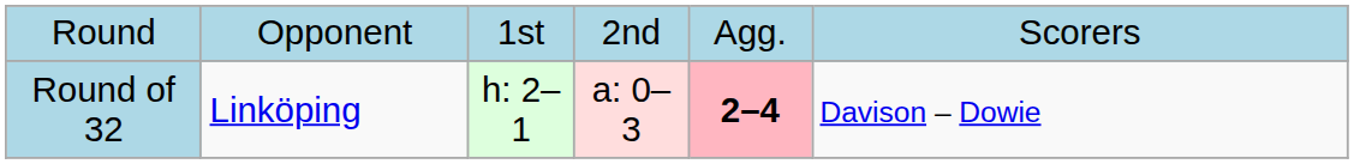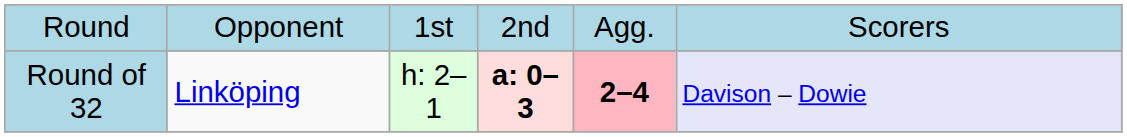 <table class="wikitable" style="text-align:center">
 <tr bgcolor=lightblue>
 <td width=150px>Round</td>
 <td width=200px>Opponent</td>
 <td width=80px>1st</td>
 <td width=80px>2nd</td>
 <td width=80px>Agg.</td>
 <td width=600px>Scorers</td>
 </tr>
 <tr>
 <td bgcolor=lightblue>Round of 32</td>
 <td align=left> <a href='#'>Linköping</a></td>
 <td bgcolor="#ddffdd">h: 2–1</td>
-<td bgcolor="#ffdddd">a: 0–3</td>
+<td bgcolor="#ffdddd"><strong>a: 0–3</strong></td>
 <td bgcolor=lightpink><strong>2–4</strong></td>
-<td align=left><small><a href='#'>Davison</a> – <a href='#'>Dowie</a></small></td>
+<td align=left style="background: lavender;"><small><a href='#'>Davison</a> – <a href='#'>Dowie</a></small></td>
 </tr>
 </table>
